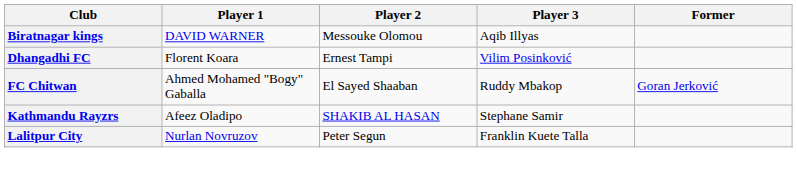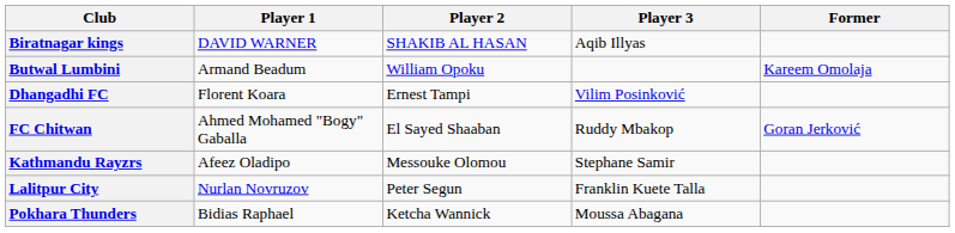 <table class="sortable wikitable" style="text-align: left; font-size:92.5%">
 <tr>
 <th scope=col style="width:170px;">Club</th>
 <th scope=col style="width:170px;">Player 1</th>
 <th scope=col style="width:170px;">Player 2</th>
 <th scope=col style="width:170px;">Player 3</th>
 <th scope=col style="width:170px;">Former</th>
 </tr>
 <tr>
 <th scope=row style="text-align: left;"><a href='#'>Biratnagar kings</a></th>
 <td> <a href='#'>DAVID WARNER</a></td>
-<td> Messouke Olomou</td>
+<td> <a href='#'>SHAKIB AL HASAN</a></td>
 <td> Aqib Illyas</td>
 <td></td>
+</tr>
+<tr>
+<th scope=row style="text-align: left;"><a href='#'>Butwal Lumbini</a></th>
+<td> Armand Beadum</td>
+<td> <a href='#'>William Opoku</a></td>
+<td></td>
+<td> <a href='#'>Kareem Omolaja</a></td>
 </tr>
 <tr>
 <th scope=row style="text-align: left;"><a href='#'>Dhangadhi FC</a></th>
 <td> Florent Koara</td>
 <td> Ernest Tampi</td>
 <td> <a href='#'>Vilim Posinković</a></td>
 <td></td>
 </tr>
 <tr>
 <th scope=row style="text-align: left;"><a href='#'>FC Chitwan</a></th>
 <td> Ahmed Mohamed "Bogy" Gaballa</td>
 <td> El Sayed Shaaban</td>
 <td> Ruddy Mbakop</td>
 <td> <a href='#'>Goran Jerković</a></td>
 </tr>
 <tr>
 <th scope=row style="text-align: left;"><a href='#'>Kathmandu Rayzrs</a></th>
 <td> Afeez Oladipo</td>
-<td> <a href='#'>SHAKIB AL HASAN</a></td>
+<td> Messouke Olomou</td>
 <td> Stephane Samir</td>
 <td></td>
 </tr>
 <tr>
 <th scope=row style="text-align: left;"><a href='#'>Lalitpur City</a></th>
 <td> <a href='#'>Nurlan Novruzov</a></td>
 <td> Peter Segun</td>
 <td> Franklin Kuete Talla</td>
 <td></td>
 </tr>
+<tr>
+<th scope=row style="text-align: left;"><a href='#'>Pokhara Thunders</a></th>
+<td> Bidias Raphael</td>
+<td> Ketcha Wannick</td>
+<td> Moussa Abagana</td>
+<td></td>
+</tr>
 </table>
